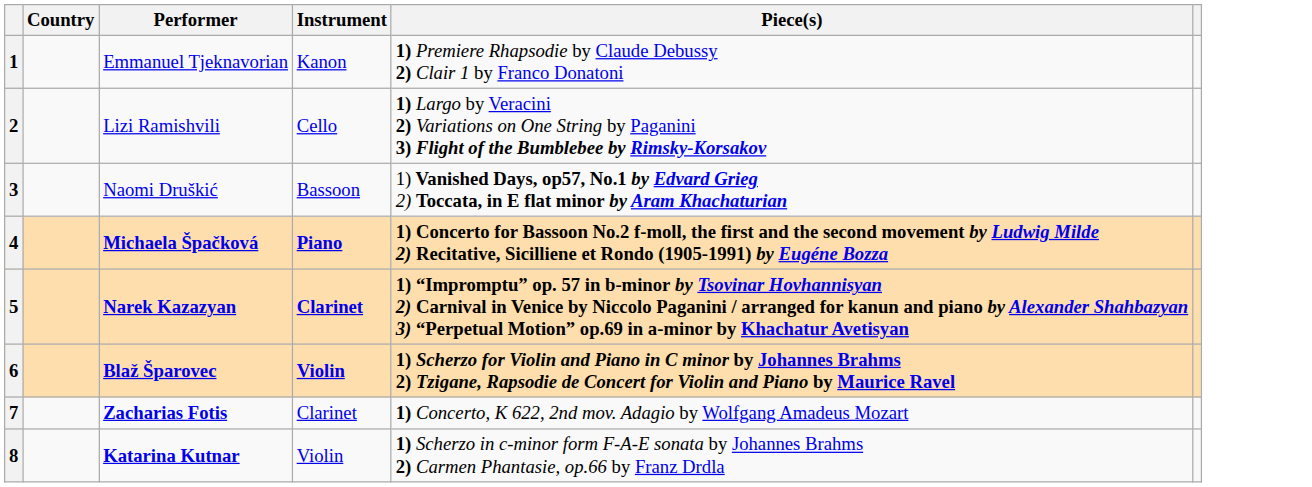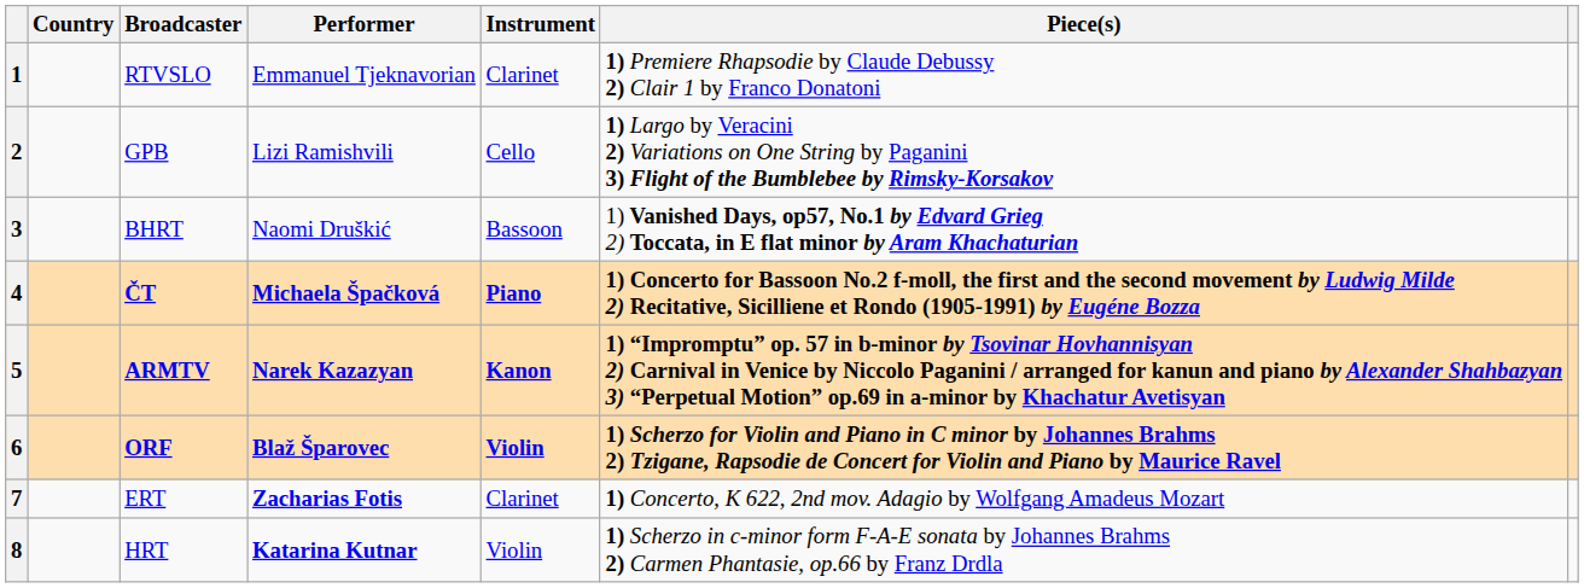 <table class="wikitable sortable plainrowheaders" style="font-size:95%;">
 <tr>
 <th scope="col"></th>
 <th>Country</th>
+<th>Broadcaster</th>
 <th>Performer</th>
 <th>Instrument</th>
 <th>Piece(s)</th>
 <th></th>
 </tr>
 <tr>
 <th scope="row" style="text-align:center;">1</th>
 <td></td>
+<td><a href='#'>RTVSLO</a></td>
 <td><a href='#'>Emmanuel Tjeknavorian</a></td>
-<td><a href='#'>Kanon</a></td>
+<td><a href='#'>Clarinet</a></td>
 <td><strong>1)</strong> <em>Premiere Rhapsodie</em> by <a href='#'>Claude Debussy</a> <br> <strong>2)</strong> <em>Clair 1</em> by <a href='#'>Franco Donatoni</a></td>
 <td style="text-align:center;"><em></em></td>
 </tr>
 <tr>
 <th scope="row" style="text-align:center;">2</th>
 <td></td>
+<td><a href='#'>GPB</a></td>
 <td><a href='#'>Lizi Ramishvili</a></td>
 <td><a href='#'>Cello</a></td>
 <td><strong>1)</strong> <em>Largo</em> by <a href='#'>Veracini</a> <br> <strong>2)</strong> <em>Variations on One String</em> by <a href='#'>Paganini</a> <br> <strong>3) <strong><em>Flight of the Bumblebee<em> by <a href='#'>Rimsky-Korsakov</a></td>
 <td style="text-align:center;"></em><em></td>
 </tr>
 <tr>
 <th scope="row" style="text-align:center;">3</th>
 <td></td>
+<td><a href='#'>BHRT</a></td>
 <td><a href='#'>Naomi Druškić</a></td>
 <td><a href='#'>Bassoon</a></td>
 <td></strong>1)<strong> </em>Vanished Days, op57, No.1<em> by <a href='#'>Edvard Grieg</a> <br> </strong>2)<strong> </em>Toccata, in E flat minor<em> by <a href='#'>Aram Khachaturian</a></td>
 <td style="text-align:center;"></em><em></td>
 </tr>
 <tr style="font-weight:bold; background:NavajoWhite;">
 <th scope="row" style="text-align:center;">4</th>
 <td></td>
+<td><a href='#'>ČT</a></td>
 <td><a href='#'>Michaela Špačková</a></td>
 <td><a href='#'>Piano</a></td>
 <td></strong>1)<strong> </em>Concerto for Bassoon No.2 f-moll, the first and the second movement<em> by <a href='#'>Ludwig Milde</a> <br> </strong>2)<strong> </em>Recitative, Sicilliene et Rondo (1905-1991)<em> by <a href='#'>Eugéne Bozza</a></td>
 <td style="text-align:center;"></strong><strong></td>
 </tr>
 <tr style="font-weight:bold; background:NavajoWhite;">
 <th scope="row" style="text-align:center;">5</th>
 <td></td>
+<td><a href='#'>ARMTV</a></td>
 <td><a href='#'>Narek Kazazyan</a></td>
-<td><a href='#'>Clarinet</a></td>
+<td><a href='#'>Kanon</a></td>
 <td></strong>1)<strong> </em>“Impromptu” op. 57 in b-minor<em> by <a href='#'>Tsovinar Hovhannisyan</a> <br></strong>2)<strong> </em>Carnival in Venice by Niccolo Paganini / arranged for kanun and piano<em> by <a href='#'>Alexander Shahbazyan</a> <br> </strong>3) </em></strong>“Perpetual Motion” op.69 in a-minor</em> by <a href='#'>Khachatur Avetisyan</a></td>
 <td style="text-align:center;"><strong></strong></td>
 </tr>
 <tr style="font-weight:bold; background:NavajoWhite;">
 <th scope="row" style="text-align:center;">6</th>
 <td></td>
+<td><a href='#'>ORF</a></td>
 <td><a href='#'>Blaž Šparovec</a></td>
 <td><a href='#'>Violin</a></td>
 <td><strong>1)</strong> <em>Scherzo for Violin and Piano in C minor</em> by <a href='#'>Johannes Brahms</a> <br><strong>2)</strong> <em>Tzigane, Rapsodie de Concert for Violin and Piano</em> by <a href='#'>Maurice Ravel</a></td>
 <td style="text-align:center;"><strong></strong></td>
 </tr>
 <tr>
 <th scope="row" style="text-align:center;">7</th>
 <td></td>
+<td><a href='#'>ERT</a></td>
 <td><strong><a href='#'>Zacharias Fotis</a></strong></td>
 <td><a href='#'>Clarinet</a></td>
 <td><strong>1)</strong> <em>Concerto, K 622, 2nd mov. Adagio</em> by <a href='#'>Wolfgang Amadeus Mozart</a></td>
 <td style="text-align:center;"><em></em></td>
 </tr>
 <tr>
 <th scope="row" style="text-align:center;">8</th>
 <td></td>
+<td><a href='#'>HRT</a></td>
 <td><strong><a href='#'>Katarina Kutnar</a><br></strong></td>
 <td><a href='#'>Violin</a></td>
 <td><strong>1)</strong> <em>Scherzo in c-minor form F-A-E sonata</em> by <a href='#'>Johannes Brahms</a> <br><strong>2)</strong> <em>Carmen Phantasie, op.66</em> by <a href='#'>Franz Drdla</a></td>
 <td style="text-align:center;"><em></em></td>
 </tr>
 </table>
